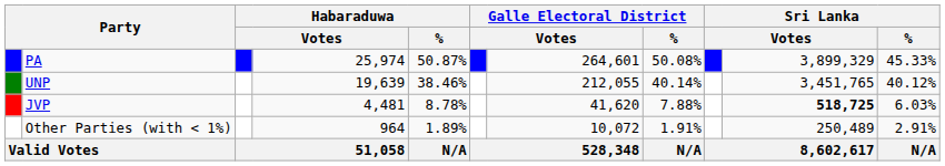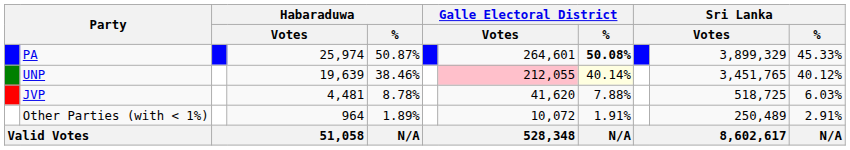 <table class="wikitable">
 <tr>
 <th colspan="2" width="144px"rowspan="2">Party</th>
 <th colspan="3" width="216px">Habaraduwa</th>
 <th colspan="3" width="216px"><a href='#'>Galle Electoral District</a></th>
 <th colspan="3" width="216px">Sri Lanka</th>
 </tr>
 <tr>
 <th colspan="2" width="144px">Votes</th>
 <th>%</th>
 <th colspan="2" width="144px">Votes</th>
 <th>%</th>
 <th colspan="2" width="144px">Votes</th>
 <th>%</th>
 </tr>
 <tr>
 <td style="background-color:blue;" width="10px"></td>
 <td style="text-align:left;"><a href='#'>PA</a></td>
 <td style="background-color:blue;" width="10px"></td>
 <td style="text-align:right;">25,974</td>
 <td style="text-align:right;">50.87%</td>
 <td style="background-color:blue;" width="10px"></td>
 <td style="text-align:right;">264,601</td>
-<td style="text-align:right;">50.08%</td>
+<td style="text-align:right;"><strong>50.08%</strong></td>
 <td style="background-color:blue;" width="10px"></td>
 <td style="text-align:right;">3,899,329</td>
 <td style="text-align:right;">45.33%</td>
 </tr>
 <tr>
 <td style="background-color:green;" width="10px"></td>
 <td style="text-align:left;"><a href='#'>UNP</a></td>
 <td style="background-color:white;" width="10px"></td>
 <td style="text-align:right;">19,639</td>
 <td style="text-align:right;">38.46%</td>
 <td style="background-color:white;" width="10px"></td>
-<td style="text-align:right;">212,055</td>
-<td style="text-align:right;">40.14%</td>
+<td style="background: pink; text-align:right;">212,055</td>
+<td style="background: lightyellow; text-align:right;">40.14%</td>
 <td style="background-color:white;" width="10px"></td>
 <td style="text-align:right;">3,451,765</td>
 <td style="text-align:right;">40.12%</td>
 </tr>
 <tr>
 <td style="background-color:red;" width="10px"></td>
 <td style="text-align:left;"><a href='#'>JVP</a></td>
 <td style="background-color:white;" width="10px"></td>
 <td style="text-align:right;">4,481</td>
 <td style="text-align:right;">8.78%</td>
 <td style="background-color:white;" width="10px"></td>
 <td style="text-align:right;">41,620</td>
 <td style="text-align:right;">7.88%</td>
 <td style="background-color:white;" width="10px"></td>
-<td style="text-align:right;"><strong>518,725</strong></td>
+<td style="text-align:right;">518,725</td>
 <td style="text-align:right;">6.03%</td>
 </tr>
 <tr>
 <td style="background-color:white;" width="10px"></td>
 <td style="text-align:left;">Other Parties (with < 1%)</td>
 <td style="background-color:white;" width="10px"></td>
 <td style="text-align:right;">964</td>
 <td style="text-align:right;">1.89%</td>
 <td style="background-color:white;" width="10px"></td>
 <td style="text-align:right;">10,072</td>
 <td style="text-align:right;">1.91%</td>
 <td style="background-color:white;" width="10px"></td>
 <td style="text-align:right;">250,489</td>
 <td style="text-align:right;">2.91%</td>
 </tr>
 <tr>
 <th colspan="2" width="144px"style="text-align:left;">Valid Votes</th>
 <th style="text-align:right;"colspan="2" width="144px">51,058</th>
 <th style="text-align:right;">N/A</th>
 <th style="text-align:right;"colspan="2" width="144px">528,348</th>
 <th style="text-align:right;">N/A</th>
 <th style="text-align:right;"colspan="2" width="144px">8,602,617</th>
 <th style="text-align:right;">N/A</th>
 </tr>
 </table>
